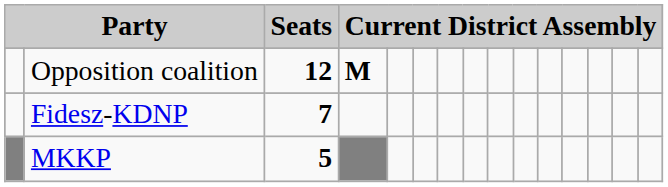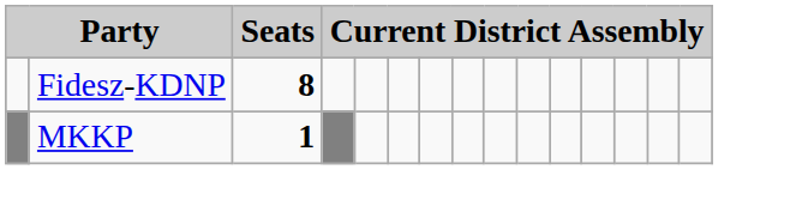 <table class="wikitable">
 <tr>
 <th style="background:#ccc" colspan="2">Party</th>
 <th style="background:#ccc">Seats</th>
 <th style="background:#ccc" colspan="12">Current District Assembly</th>
 </tr>
 <tr>
 <td style="background-color: "> </td>
-<td>Opposition coalition</td>
-<td style="text-align: right"><strong>12</strong></td>
-<td style="background-color: "><span><strong>M</strong></span></td>
-<td style="background-color: "> </td>
-<td style="background-color: "> </td>
-<td style="background-color: "> </td>
-<td style="background-color: "> </td>
-<td style="background-color: "> </td>
-<td style="background-color: "> </td>
-<td style="background-color: "> </td>
-<td style="background-color: "> </td>
-<td style="background-color: "> </td>
-<td style="background-color: "> </td>
-<td style="background-color: "> </td>
-</tr>
-<tr>
-<td style="background-color: "> </td>
 <td><a href='#'>Fidesz</a>-<a href='#'>KDNP</a></td>
-<td style="text-align: right"><strong>7</strong></td>
+<td style="text-align: right"><strong>8</strong></td>
 <td style="background-color: "> </td>
 <td style="background-color: "> </td>
 <td style="background-color: "> </td>
 <td style="background-color: "> </td>
 <td style="background-color: "> </td>
 <td style="background-color: "> </td>
 <td style="background-color: "> </td>
 <td style="background-color: "> </td>
 <td> </td>
 <td> </td>
 <td> </td>
 <td> </td>
 </tr>
 <tr>
 <td style="background-color: #808080"> </td>
 <td><a href='#'>MKKP</a></td>
-<td style="text-align: right"><strong>5</strong></td>
+<td style="text-align: right"><strong>1</strong></td>
 <td style="background-color: #808080"> </td>
 <td> </td>
 <td> </td>
 <td> </td>
 <td> </td>
 <td> </td>
 <td> </td>
 <td> </td>
 <td> </td>
 <td> </td>
 <td> </td>
 <td> </td>
 </tr>
 </table>
